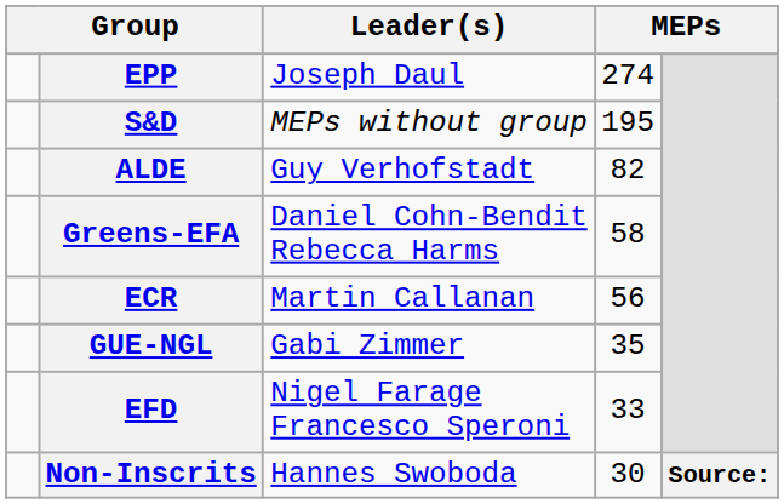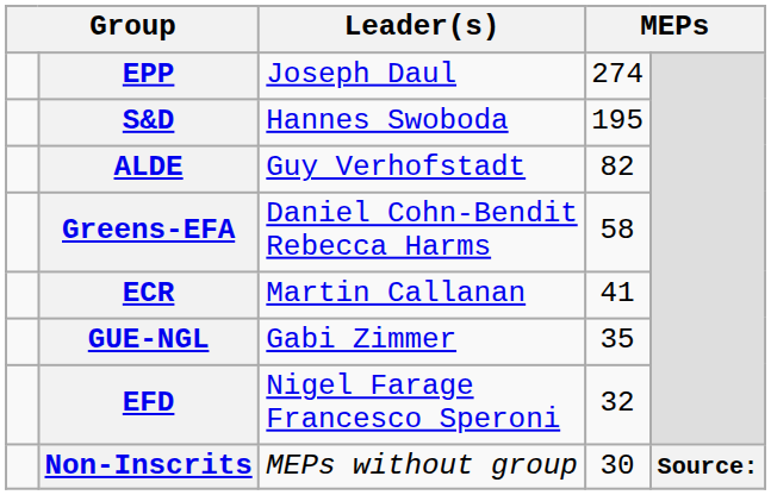 <table class="wikitable" style="font-size:95%; float:right; margin:0 0 0.5em 1em; clear:right;">
 <tr>
 <th colspan="2">Group</th>
 <th>Leader(s)</th>
 <th colspan="2">MEPs</th>
 </tr>
 <tr>
 <td style="background-color:"> </td>
 <th><a href='#'>EPP</a></th>
 <td><a href='#'>Joseph Daul</a></td>
 <td style="text-align:center;">274</td>
 <td rowspan="7" style="text-align:center;vertical-align:middle;background:#dedede"></td>
 </tr>
 <tr>
 <td style="background-color:"></td>
 <th><a href='#'>S&D</a></th>
-<td><em>MEPs without group</em></td>
+<td><a href='#'>Hannes Swoboda</a></td>
 <td style="text-align:center;">195</td>
 </tr>
 <tr>
 <td style="background-color:"></td>
 <th><a href='#'>ALDE</a></th>
 <td><a href='#'>Guy Verhofstadt</a></td>
 <td style="text-align:center;">82</td>
 </tr>
 <tr>
 <td style="background-color:"></td>
 <th><a href='#'>Greens-EFA</a></th>
 <td><a href='#'>Daniel Cohn-Bendit</a><br><a href='#'>Rebecca Harms</a></td>
 <td style="text-align:center;">58</td>
 </tr>
 <tr>
 <td style="background-color:"></td>
 <th><a href='#'>ECR</a></th>
 <td><a href='#'>Martin Callanan</a></td>
-<td style="text-align:center;">56</td>
+<td style="text-align:center;">41</td>
 </tr>
 <tr>
 <td style="background-color:"></td>
 <th><a href='#'>GUE-NGL</a></th>
 <td><a href='#'>Gabi Zimmer</a></td>
 <td style="text-align:center;">35</td>
 </tr>
 <tr>
 <td style="background-color:"></td>
 <th><a href='#'>EFD</a></th>
 <td><a href='#'>Nigel Farage</a><br><a href='#'>Francesco Speroni</a></td>
-<td style="text-align:center;">33</td>
+<td style="text-align:center;">32</td>
 </tr>
 <tr>
 <td style="background-color:"></td>
 <th><a href='#'>Non-Inscrits</a></th>
-<td><a href='#'>Hannes Swoboda</a></td>
+<td><em>MEPs without group</em></td>
 <td style="text-align:center;">30</td>
 <th><small>Source: </small></th>
 </tr>
 </table>
